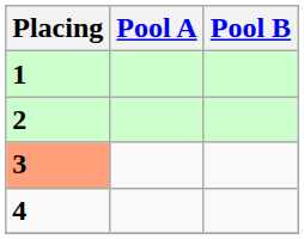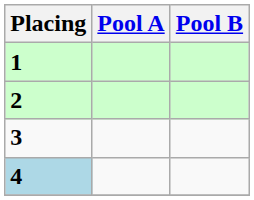 <table class=wikitable style="border:1px solid #AAAAAA;">
 <tr>
 <th>Placing</th>
 <th><a href='#'>Pool A</a></th>
 <th><a href='#'>Pool B</a></th>
 </tr>
 <tr style="background: #ccffcc;">
 <td><strong>1</strong></td>
 <td></td>
 <td></td>
 </tr>
 <tr style="background: #ccffcc;">
 <td><strong>2</strong></td>
 <td></td>
 <td></td>
 </tr>
 <tr>
-<td style="background: lightsalmon;"><strong>3</strong></td>
+<td><strong>3</strong></td>
 <td></td>
 <td> </td>
 </tr>
 <tr>
-<td><strong>4</strong></td>
+<td style="background: lightblue;"><strong>4</strong></td>
 <td></td>
 <td></td>
 </tr>
 <tr>
 </tr>
 </table>
